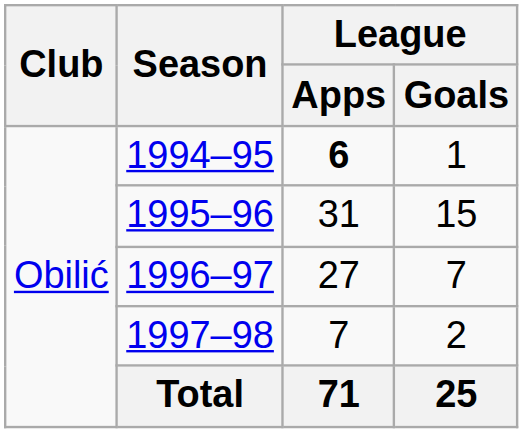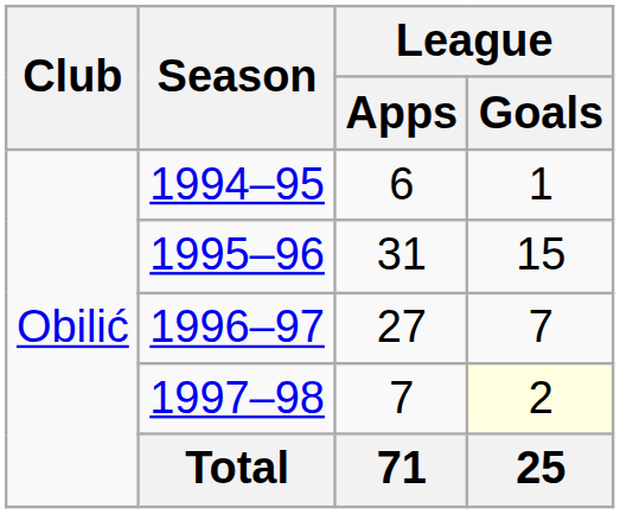 <table class="wikitable" style="text-align:center">
 <tr>
 <th rowspan="2">Club</th>
 <th rowspan="2">Season</th>
 <th colspan="2">League</th>
 </tr>
 <tr>
 <th>Apps</th>
 <th>Goals</th>
 </tr>
 <tr>
 <td rowspan="5"><a href='#'>Obilić</a></td>
 <td><a href='#'>1994–95</a></td>
-<td><strong>6</strong></td>
+<td>6</td>
 <td>1</td>
 </tr>
 <tr>
 <td><a href='#'>1995–96</a></td>
 <td>31</td>
 <td>15</td>
 </tr>
 <tr>
 <td><a href='#'>1996–97</a></td>
 <td>27</td>
 <td>7</td>
 </tr>
 <tr>
 <td><a href='#'>1997–98</a></td>
 <td>7</td>
-<td>2</td>
+<td style="background: lightyellow;">2</td>
 </tr>
 <tr>
 <th>Total</th>
 <th>71</th>
 <th>25</th>
 </tr>
 </table>
